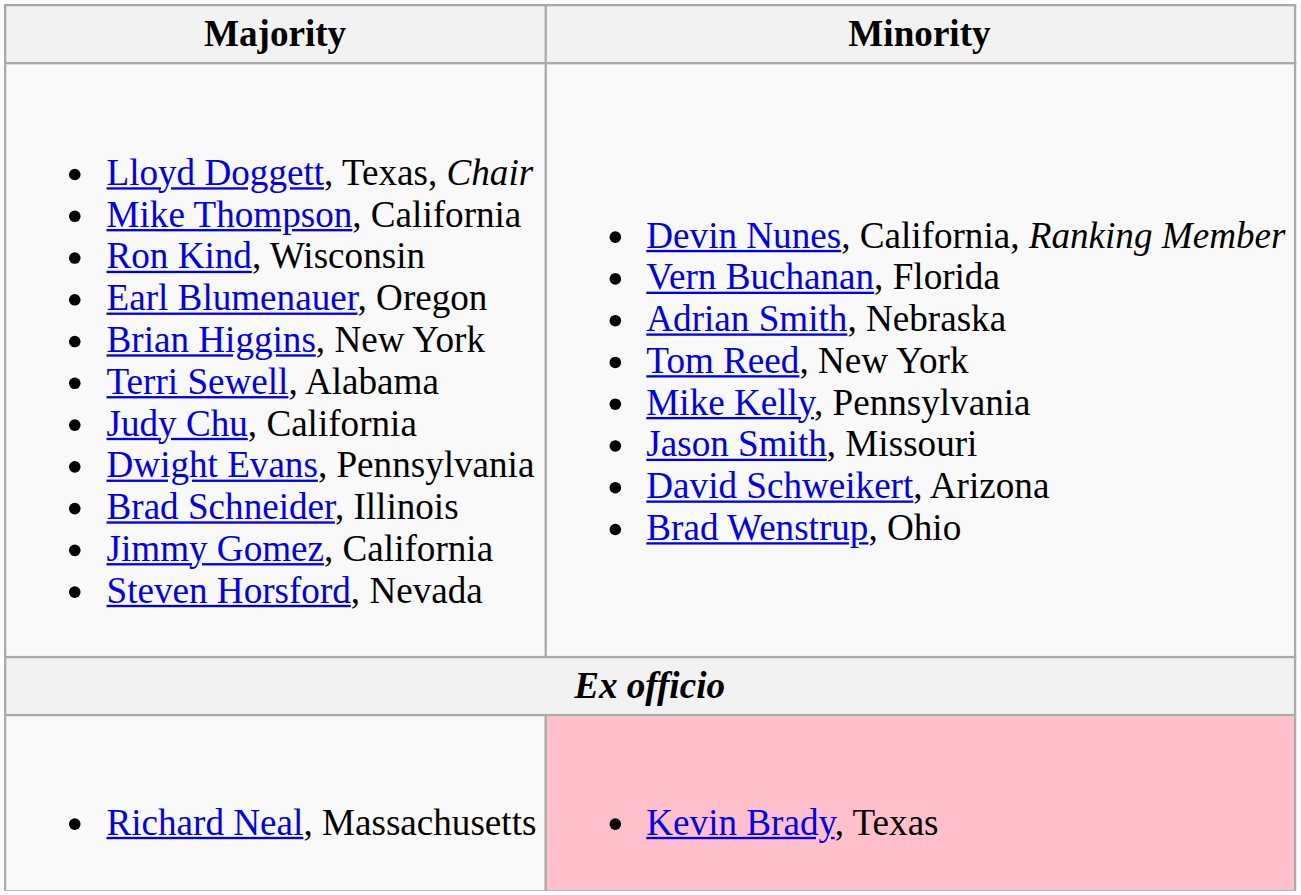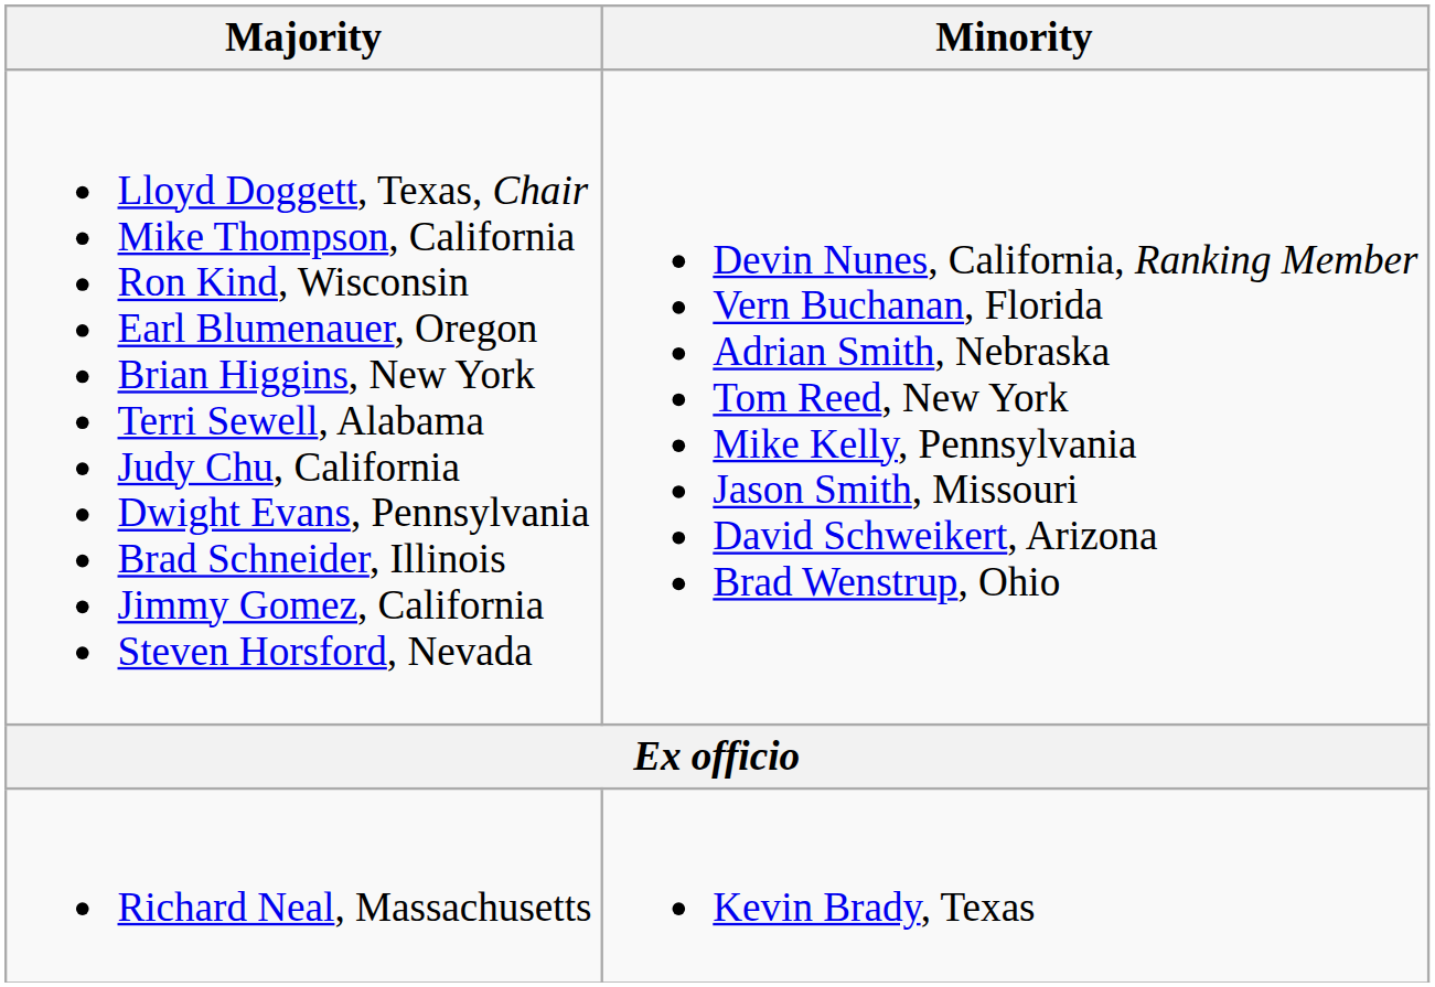 <table class=wikitable>
 <tr>
 <th>Majority</th>
 <th>Minority</th>
 </tr>
 <tr>
 <td><br><ul><li><a href='#'>Lloyd Doggett</a>, Texas, <em>Chair</em></li><li><a href='#'>Mike Thompson</a>, California</li><li><a href='#'>Ron Kind</a>, Wisconsin</li><li><a href='#'>Earl Blumenauer</a>, Oregon</li><li><a href='#'>Brian Higgins</a>, New York</li><li><a href='#'>Terri Sewell</a>, Alabama</li><li><a href='#'>Judy Chu</a>, California</li><li><a href='#'>Dwight Evans</a>, Pennsylvania</li><li><a href='#'>Brad Schneider</a>, Illinois</li><li><a href='#'>Jimmy Gomez</a>, California</li><li><a href='#'>Steven Horsford</a>, Nevada</li></ul></td>
 <td><br><ul><li><a href='#'>Devin Nunes</a>, California, <em>Ranking Member</em></li><li><a href='#'>Vern Buchanan</a>, Florida</li><li><a href='#'>Adrian Smith</a>, Nebraska</li><li><a href='#'>Tom Reed</a>, New York</li><li><a href='#'>Mike Kelly</a>, Pennsylvania</li><li><a href='#'>Jason Smith</a>, Missouri</li><li><a href='#'>David Schweikert</a>, Arizona</li><li><a href='#'>Brad Wenstrup</a>, Ohio</li></ul></td>
 </tr>
 <tr>
 <th colspan=2><em>Ex officio</em></th>
 </tr>
 <tr>
 <td><br><ul><li><a href='#'>Richard Neal</a>, Massachusetts</li></ul></td>
-<td style="background: pink;"><br><ul><li><a href='#'>Kevin Brady</a>, Texas</li></ul></td>
+<td><br><ul><li><a href='#'>Kevin Brady</a>, Texas</li></ul></td>
 </tr>
 </table>
